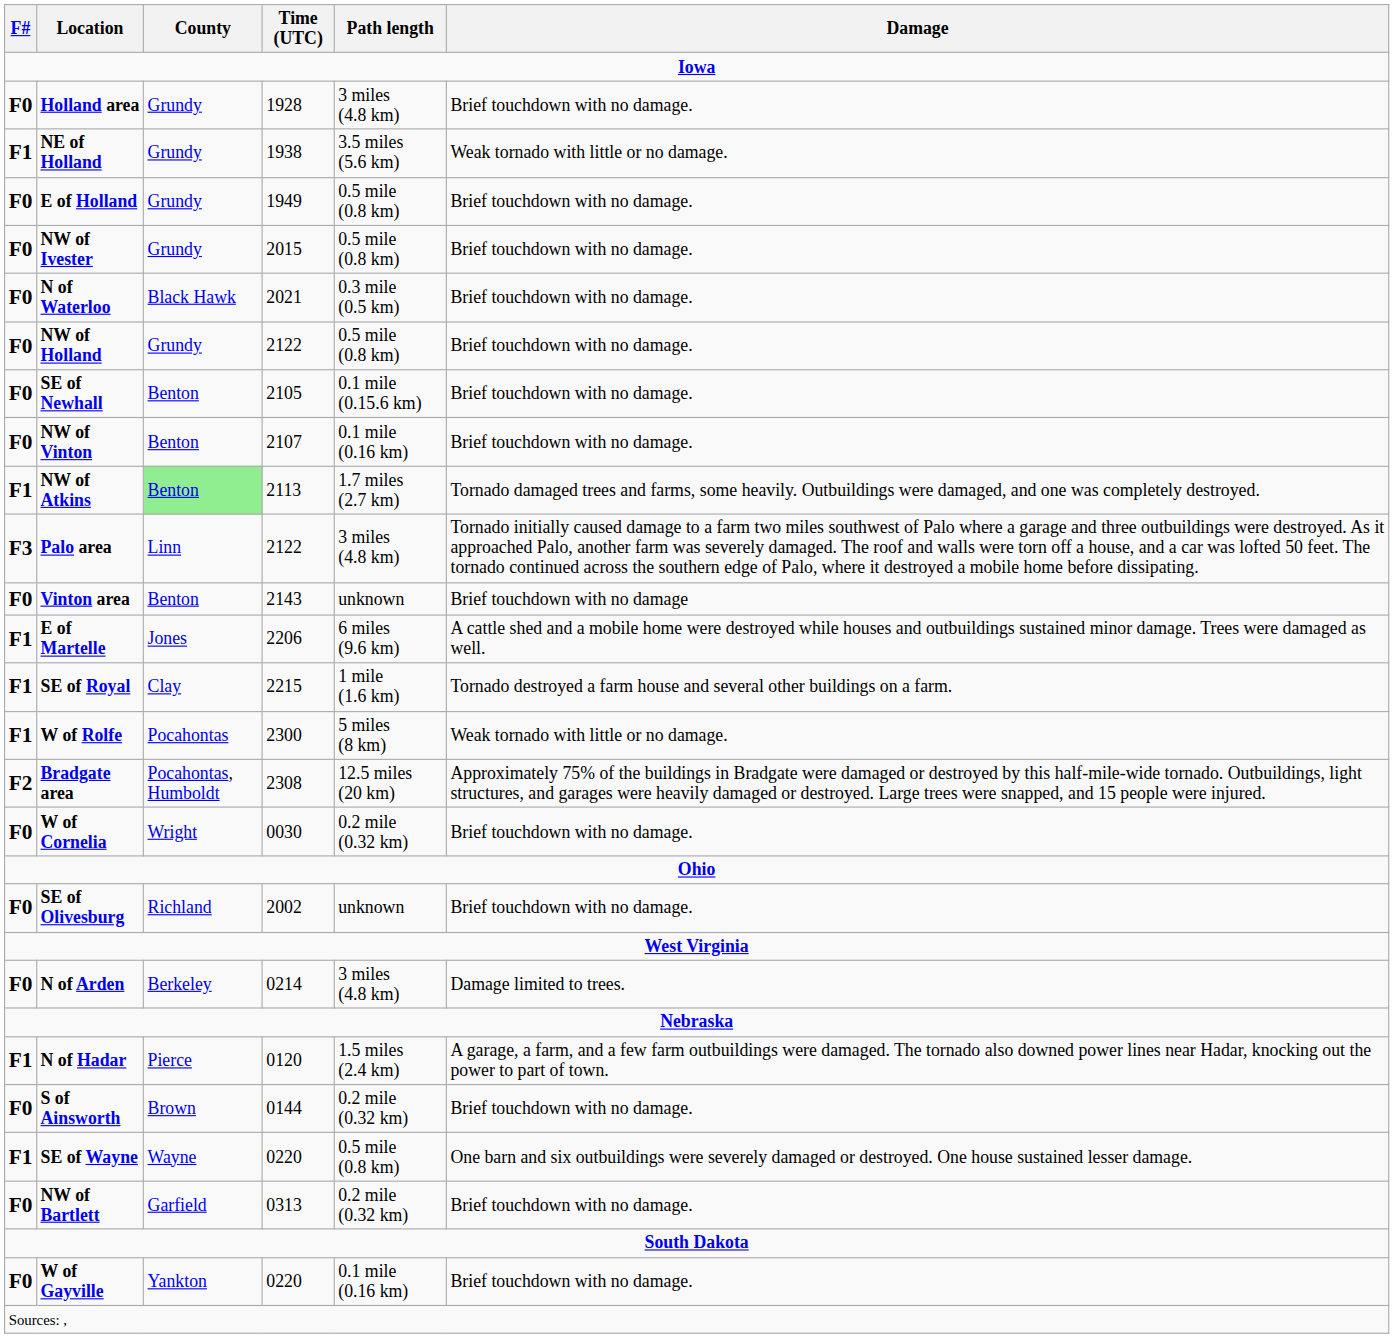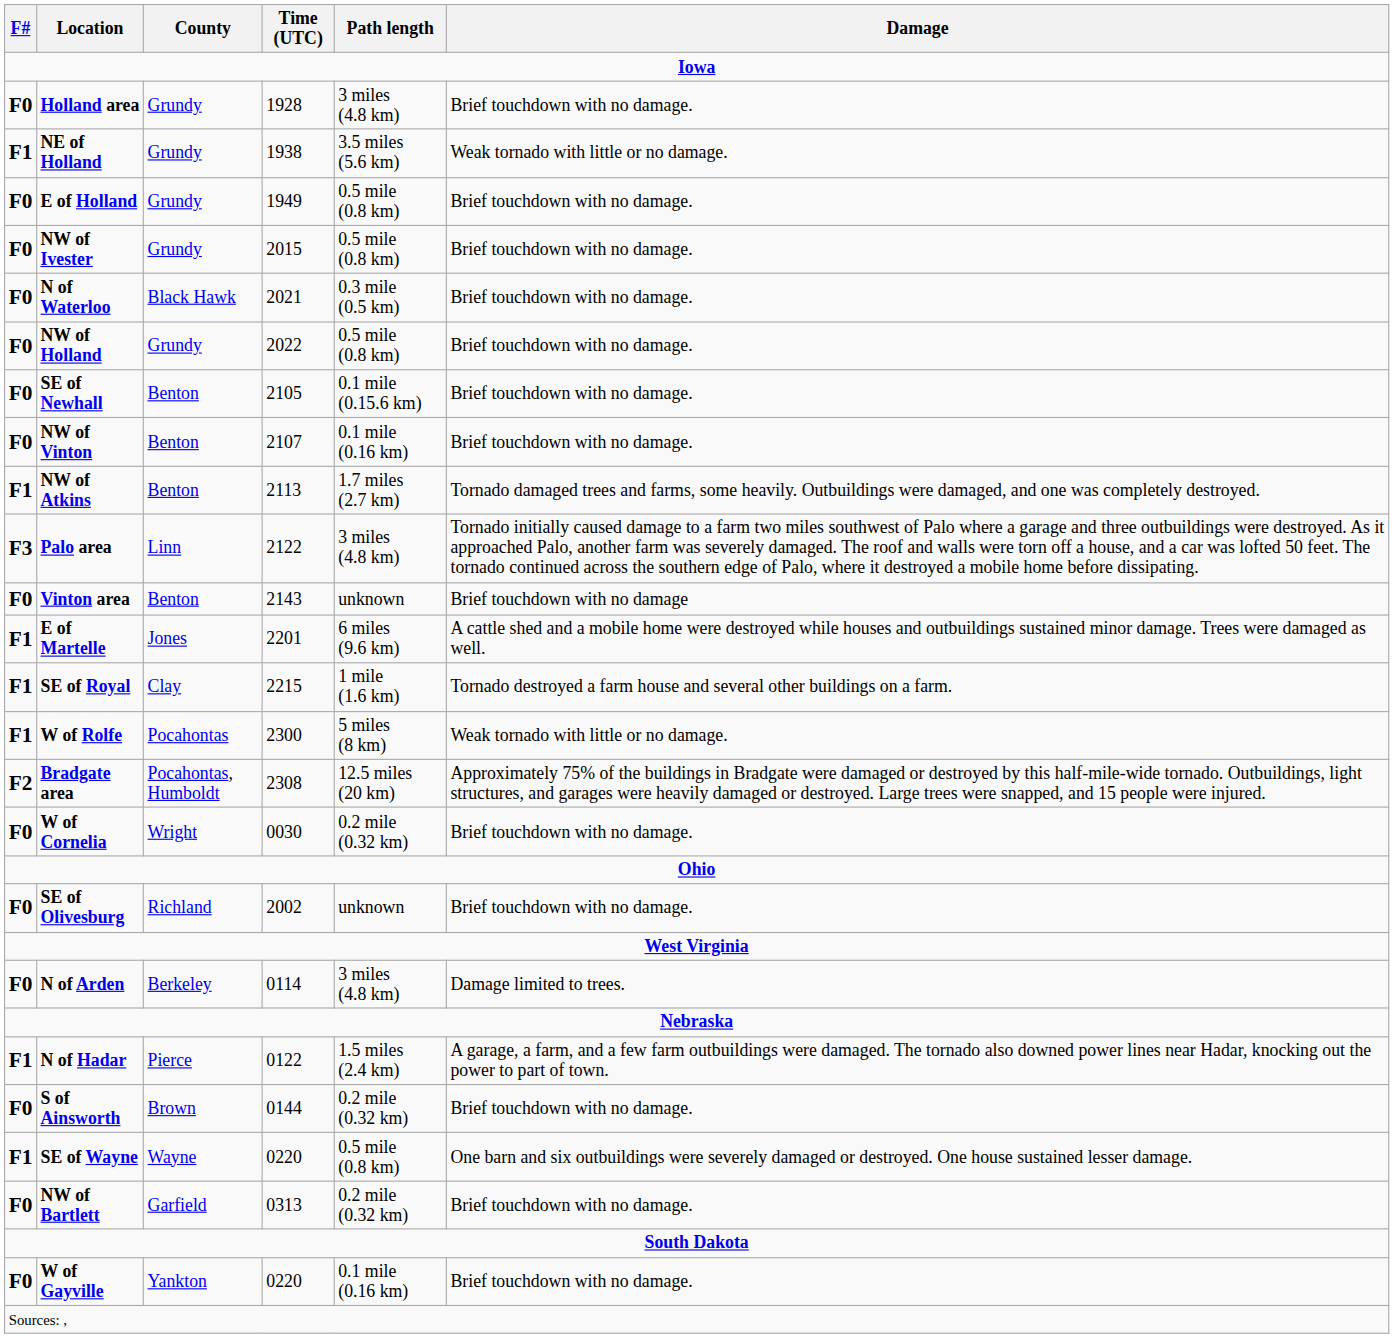 <table class="wikitable">
 <tr>
 <th><strong><a href='#'>F#</a></strong></th>
 <th><strong>Location</strong></th>
 <th><strong>County</strong></th>
 <th><strong>Time (UTC)</strong></th>
 <th><strong>Path length</strong></th>
 <th><strong>Damage</strong></th>
 </tr>
 <tr>
 <td colspan="7" align=center><strong><a href='#'>Iowa</a></strong></td>
 </tr>
 <tr>
 <td><big><strong>F0</strong></big></td>
 <td><strong><a href='#'>Holland</a> area</strong></td>
 <td><a href='#'>Grundy</a></td>
 <td>1928</td>
 <td>3 miles (4.8 km)</td>
 <td>Brief touchdown with no damage.</td>
 </tr>
 <tr>
 <td><big><strong>F1</strong></big></td>
 <td><strong>NE of <a href='#'>Holland</a></strong></td>
 <td><a href='#'>Grundy</a></td>
 <td>1938</td>
 <td>3.5 miles (5.6 km)</td>
 <td>Weak tornado with little or no damage.</td>
 </tr>
 <tr>
 <td><big><strong>F0</strong></big></td>
 <td><strong>E of <a href='#'>Holland</a></strong></td>
 <td><a href='#'>Grundy</a></td>
 <td>1949</td>
 <td>0.5 mile (0.8 km)</td>
 <td>Brief touchdown with no damage.</td>
 </tr>
 <tr>
 <td><big><strong>F0</strong></big></td>
 <td><strong>NW of <a href='#'>Ivester</a></strong></td>
 <td><a href='#'>Grundy</a></td>
 <td>2015</td>
 <td>0.5 mile (0.8 km)</td>
 <td>Brief touchdown with no damage.</td>
 </tr>
 <tr>
 <td><big><strong>F0</strong></big></td>
 <td><strong>N of <a href='#'>Waterloo</a></strong></td>
 <td><a href='#'>Black Hawk</a></td>
 <td>2021</td>
 <td>0.3 mile (0.5 km)</td>
 <td>Brief touchdown with no damage.</td>
 </tr>
 <tr>
 <td><big><strong>F0</strong></big></td>
 <td><strong>NW of <a href='#'>Holland</a></strong></td>
 <td><a href='#'>Grundy</a></td>
-<td>2122</td>
+<td>2022</td>
 <td>0.5 mile (0.8 km)</td>
 <td>Brief touchdown with no damage.</td>
 </tr>
 <tr>
 <td><big><strong>F0</strong></big></td>
 <td><strong>SE of <a href='#'>Newhall</a></strong></td>
 <td><a href='#'>Benton</a></td>
 <td>2105</td>
 <td>0.1 mile (0.15.6 km)</td>
 <td>Brief touchdown with no damage.</td>
 </tr>
 <tr>
 <td><big><strong>F0</strong></big></td>
 <td><strong>NW of <a href='#'>Vinton</a></strong></td>
 <td><a href='#'>Benton</a></td>
 <td>2107</td>
 <td>0.1 mile (0.16 km)</td>
 <td>Brief touchdown with no damage.</td>
 </tr>
 <tr>
 <td><big><strong>F1</strong></big></td>
 <td><strong>NW of <a href='#'>Atkins</a></strong></td>
-<td style="background: lightgreen;"><a href='#'>Benton</a></td>
+<td><a href='#'>Benton</a></td>
 <td>2113</td>
 <td>1.7 miles (2.7 km)</td>
 <td>Tornado damaged trees and farms, some heavily. Outbuildings were damaged, and one was completely destroyed.</td>
 </tr>
 <tr>
 <td><big><strong>F3</strong></big></td>
 <td><strong><a href='#'>Palo</a> area</strong></td>
 <td><a href='#'>Linn</a></td>
 <td>2122</td>
 <td>3 miles (4.8 km)</td>
 <td>Tornado initially caused damage to a farm two miles southwest of Palo where a garage and three outbuildings were destroyed. As it approached Palo, another farm was severely damaged. The roof and walls were torn off a house, and a car was lofted 50 feet. The tornado continued across the southern edge of Palo, where it destroyed a mobile home before dissipating.</td>
 </tr>
 <tr>
 <td><big><strong>F0</strong></big></td>
 <td><strong><a href='#'>Vinton</a> area</strong></td>
 <td><a href='#'>Benton</a></td>
 <td>2143</td>
 <td>unknown</td>
 <td>Brief touchdown with no damage</td>
 </tr>
 <tr>
 <td><big><strong>F1</strong></big></td>
 <td><strong>E of <a href='#'>Martelle</a></strong></td>
 <td><a href='#'>Jones</a></td>
-<td>2206</td>
+<td>2201</td>
 <td>6 miles (9.6 km)</td>
 <td>A cattle shed and a mobile home were destroyed while houses and outbuildings sustained minor damage. Trees were damaged as well.</td>
 </tr>
 <tr>
 <td><big><strong>F1</strong></big></td>
 <td><strong>SE of <a href='#'>Royal</a></strong></td>
 <td><a href='#'>Clay</a></td>
 <td>2215</td>
 <td>1 mile (1.6 km)</td>
 <td>Tornado destroyed a farm house and several other buildings on a farm.</td>
 </tr>
 <tr>
 <td><big><strong>F1</strong></big></td>
 <td><strong>W of <a href='#'>Rolfe</a></strong></td>
 <td><a href='#'>Pocahontas</a></td>
 <td>2300</td>
 <td>5 miles (8 km)</td>
 <td>Weak tornado with little or no damage.</td>
 </tr>
 <tr>
 <td><big><strong>F2</strong></big></td>
 <td><strong><a href='#'>Bradgate</a> area</strong></td>
 <td><a href='#'>Pocahontas</a>, <a href='#'>Humboldt</a></td>
 <td>2308</td>
 <td>12.5 miles (20 km)</td>
 <td>Approximately 75% of the buildings in Bradgate were damaged or destroyed by this half-mile-wide tornado. Outbuildings, light structures, and garages were heavily damaged or destroyed. Large trees were snapped, and 15 people were injured.</td>
 </tr>
 <tr>
 <td><big><strong>F0</strong></big></td>
 <td><strong>W of <a href='#'>Cornelia</a></strong></td>
 <td><a href='#'>Wright</a></td>
 <td>0030</td>
 <td>0.2 mile (0.32 km)</td>
 <td>Brief touchdown with no damage.</td>
 </tr>
 <tr>
 <td colspan="7" align=center><strong><a href='#'>Ohio</a></strong></td>
 </tr>
 <tr>
 <td><big><strong>F0</strong></big></td>
 <td><strong>SE of <a href='#'>Olivesburg</a></strong></td>
 <td><a href='#'>Richland</a></td>
 <td>2002</td>
 <td>unknown</td>
 <td>Brief touchdown with no damage.</td>
 </tr>
 <tr>
 <td colspan="7" align=center><strong><a href='#'>West Virginia</a></strong></td>
 </tr>
 <tr>
 <td><big><strong>F0</strong></big></td>
 <td><strong>N of <a href='#'>Arden</a></strong></td>
 <td><a href='#'>Berkeley</a></td>
-<td>0214</td>
+<td>0114</td>
 <td>3 miles (4.8 km)</td>
 <td>Damage limited to trees.</td>
 </tr>
 <tr>
 <td colspan="7" align=center><strong><a href='#'>Nebraska</a></strong></td>
 </tr>
 <tr>
 <td><big><strong>F1</strong></big></td>
 <td><strong>N of <a href='#'>Hadar</a></strong></td>
 <td><a href='#'>Pierce</a></td>
-<td>0120</td>
+<td>0122</td>
 <td>1.5 miles (2.4 km)</td>
 <td>A garage, a farm, and a few farm outbuildings were damaged. The tornado also downed power lines near Hadar, knocking out the power to part of town.</td>
 </tr>
 <tr>
 <td><big><strong>F0</strong></big></td>
 <td><strong>S of <a href='#'>Ainsworth</a></strong></td>
 <td><a href='#'>Brown</a></td>
 <td>0144</td>
 <td>0.2 mile (0.32 km)</td>
 <td>Brief touchdown with no damage.</td>
 </tr>
 <tr>
 <td><big><strong>F1</strong></big></td>
 <td><strong>SE of <a href='#'>Wayne</a></strong></td>
 <td><a href='#'>Wayne</a></td>
 <td>0220</td>
 <td>0.5 mile (0.8 km)</td>
 <td>One barn and six outbuildings were severely damaged or destroyed. One house sustained lesser damage.</td>
 </tr>
 <tr>
 <td><big><strong>F0</strong></big></td>
 <td><strong>NW of <a href='#'>Bartlett</a></strong></td>
 <td><a href='#'>Garfield</a></td>
 <td>0313</td>
 <td>0.2 mile (0.32 km)</td>
 <td>Brief touchdown with no damage.</td>
 </tr>
 <tr>
 <td colspan="7" align=center><strong><a href='#'>South Dakota</a></strong></td>
 </tr>
 <tr>
 <td><big><strong>F0</strong></big></td>
 <td><strong>W of <a href='#'>Gayville</a></strong></td>
 <td><a href='#'>Yankton</a></td>
 <td>0220</td>
 <td>0.1 mile (0.16 km)</td>
 <td>Brief touchdown with no damage.</td>
 </tr>
 <tr>
 <td colspan="7"><small>Sources: , </small></td>
 </tr>
 </table>
